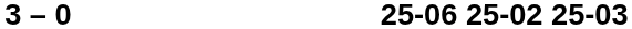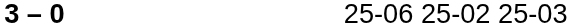 <table width=100% cellspacing=1>
 <tr>
 <th width=20%></th>
 <th width=12%></th>
 <th width=20%></th>
 <th width=33%></th>
 <td></td>
 </tr>
 <tr style=font-size:90%>
 <td align=right><strong></strong></td>
 <td align=center><strong>3 – 0</strong></td>
 <td></td>
-<td><strong>25-06 25-02 25-03 </strong></td>
+<td>25-06 25-02 25-03 </td>
 </tr>
 </table>
